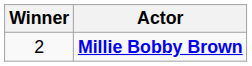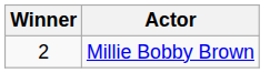 <table class="wikitable" style="text-align:center;">
 <tr>
 <th scope="col" width="55">Winner</th>
 <th scope="col" align="center">Actor</th>
 </tr>
 <tr>
 <td rowspan=3 style="text-align:center">2</td>
-<td><strong><a href='#'>Millie Bobby Brown</a></strong></td>
+<td><a href='#'>Millie Bobby Brown</a></td>
 </tr>
 </table>
